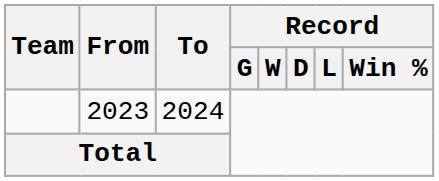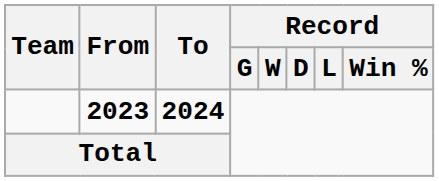 <table class="wikitable" style="text-align: center">
 <tr>
 <th rowspan="2">Team</th>
 <th rowspan="2">From</th>
 <th rowspan="2">To</th>
 <th colspan="5">Record</th>
 </tr>
 <tr>
 <th>G</th>
 <th>W</th>
 <th>D</th>
 <th>L</th>
 <th>Win %</th>
 </tr>
 <tr>
 <td align=left></td>
-<td align=left>2023</td>
-<td align=left>2024<br></td>
+<td align=left><strong>2023</strong></td>
+<td align=left><strong>2024<br></strong></td>
 </tr>
 <tr>
 <th colspan="3">Total<br></th>
 </tr>
 </table>
